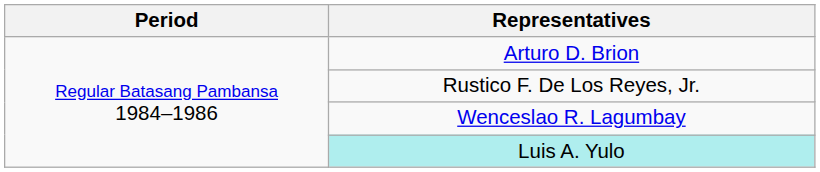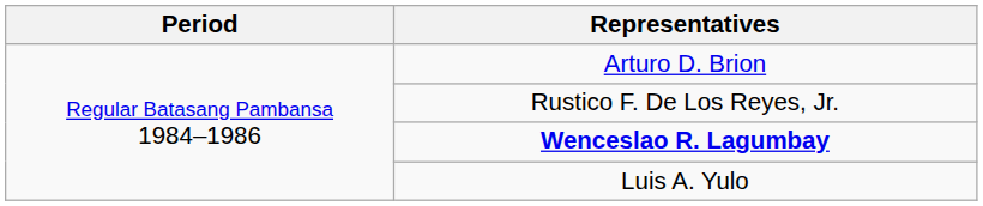 <table class="wikitable" style="text-align:center; width:40%;">
 <tr>
 <th width="40%">Period</th>
 <th>Representatives</th>
 </tr>
 <tr>
 <td rowspan="4"><small><a href='#'>Regular Batasang Pambansa</a></small><br>1984–1986</td>
 <td><a href='#'>Arturo D. Brion</a></td>
 </tr>
 <tr>
 <td>Rustico F. De Los Reyes, Jr.</td>
 </tr>
 <tr>
-<td><a href='#'>Wenceslao R. Lagumbay</a></td>
+<td><strong><a href='#'>Wenceslao R. Lagumbay</a></strong></td>
 </tr>
 <tr>
-<td style="background: paleturquoise;">Luis A. Yulo</td>
+<td>Luis A. Yulo</td>
 </tr>
 </table>
